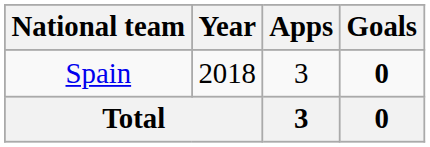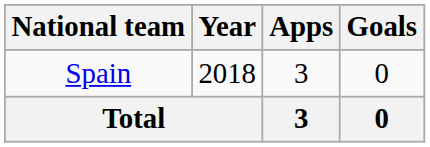 <table class=wikitable style=text-align:center>
 <tr>
 <th>National team</th>
 <th>Year</th>
 <th>Apps</th>
 <th>Goals</th>
 </tr>
 <tr>
 <td><a href='#'>Spain</a></td>
 <td>2018</td>
 <td>3</td>
-<td><strong>0</strong></td>
+<td>0</td>
 </tr>
 <tr>
 <th colspan="2">Total</th>
 <th>3</th>
 <th>0</th>
 </tr>
 </table>
